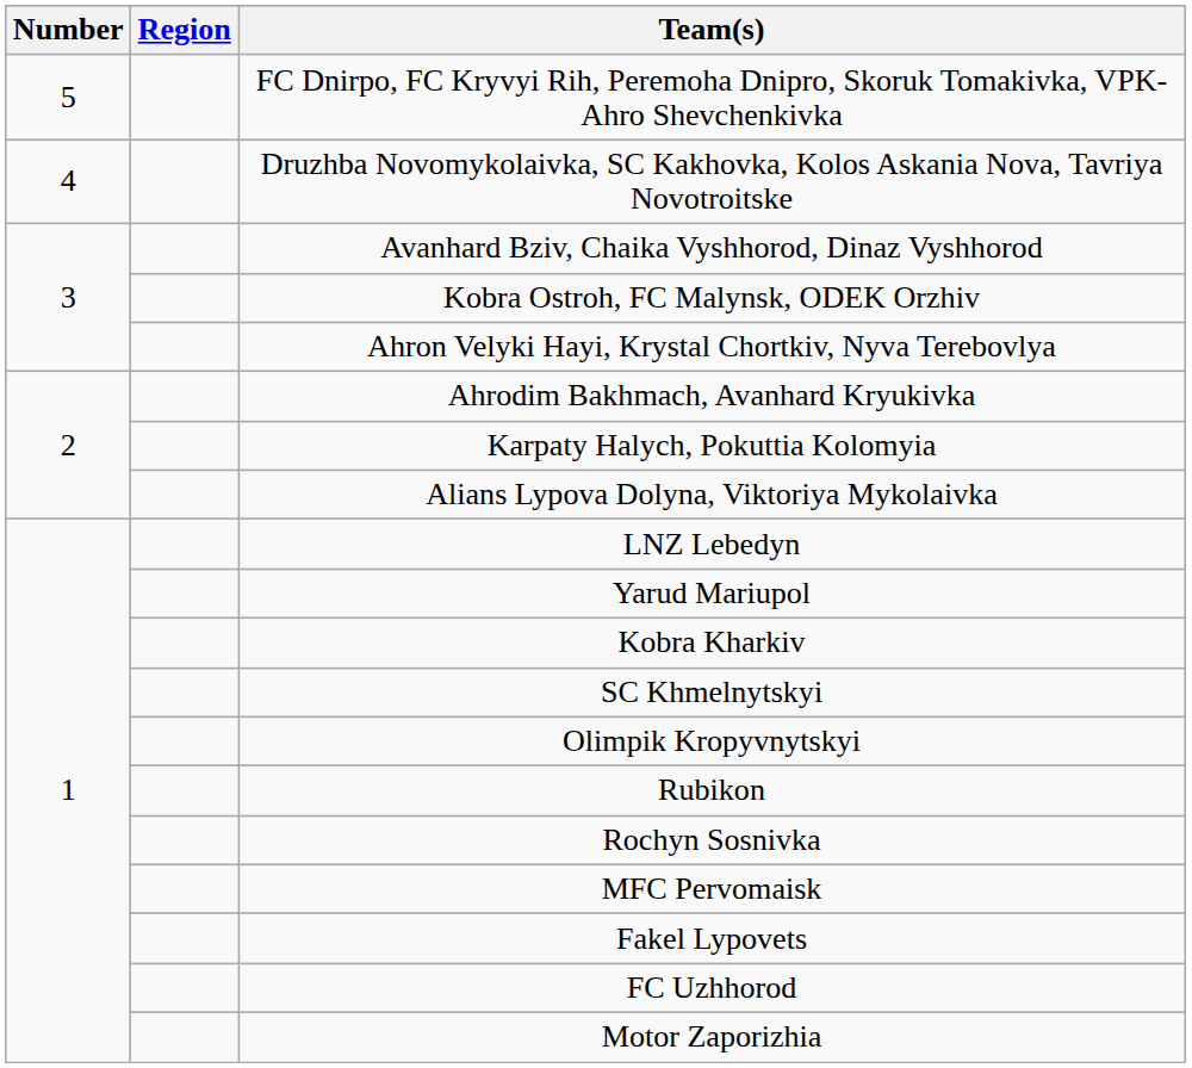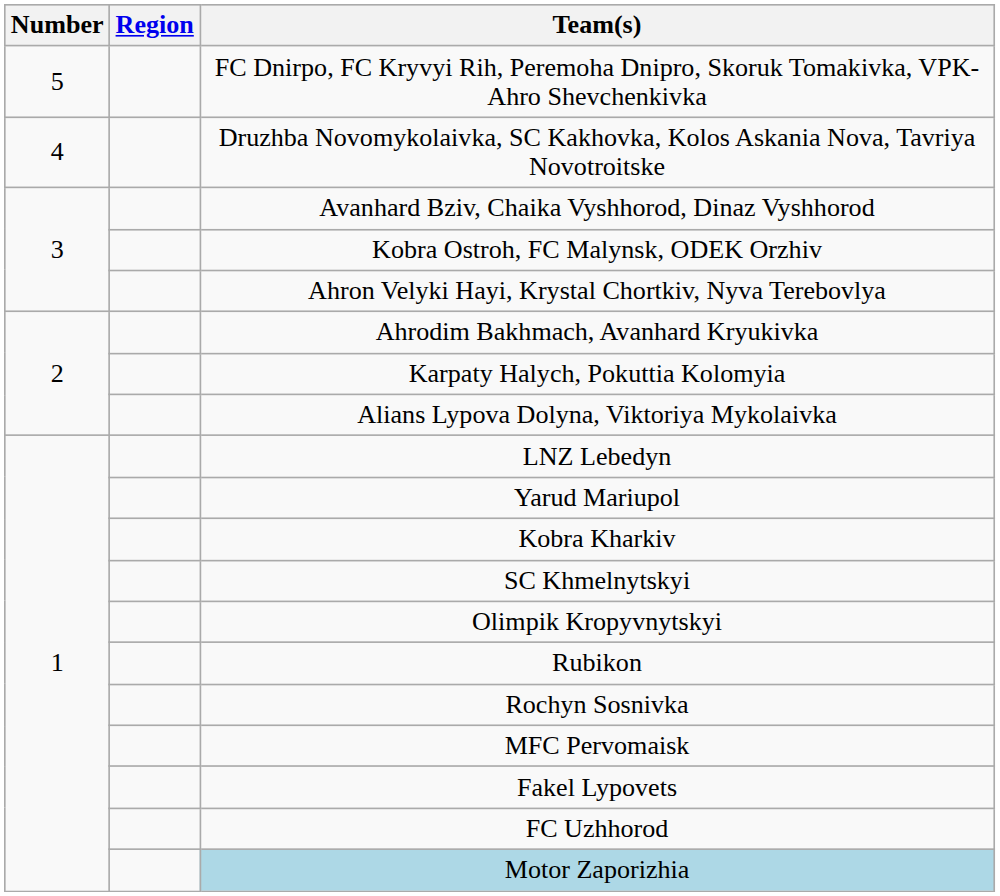 <table class="wikitable" style="text-align:center">
 <tr>
 <th>Number</th>
 <th><a href='#'>Region</a></th>
 <th>Team(s)</th>
 </tr>
 <tr>
 <td rowspan="1">5</td>
 <td align="left"></td>
 <td>FC Dnirpo, FC Kryvyi Rih, Peremoha Dnipro, Skoruk Tomakivka, VPK-Ahro Shevchenkivka</td>
 </tr>
 <tr>
 <td rowspan="1">4</td>
 <td align="left"></td>
 <td>Druzhba Novomykolaivka, SC Kakhovka, Kolos Askania Nova, Tavriya Novotroitske</td>
 </tr>
 <tr>
 <td rowspan="3">3</td>
 <td align="left"></td>
 <td>Avanhard Bziv, Chaika Vyshhorod, Dinaz Vyshhorod</td>
 </tr>
 <tr>
 <td align="left"></td>
 <td>Kobra Ostroh, FC Malynsk, ODEK Orzhiv</td>
 </tr>
 <tr>
 <td align="left"></td>
 <td>Ahron Velyki Hayi, Krystal Chortkiv, Nyva Terebovlya</td>
 </tr>
 <tr>
 <td rowspan="3">2</td>
 <td align="left"></td>
 <td>Ahrodim Bakhmach, Avanhard Kryukivka</td>
 </tr>
 <tr>
 <td align="left"></td>
 <td>Karpaty Halych, Pokuttia Kolomyia</td>
 </tr>
 <tr>
 <td align="left"></td>
 <td>Alians Lypova Dolyna, Viktoriya Mykolaivka</td>
 </tr>
 <tr>
 <td rowspan="13">1</td>
 <td align="left"></td>
 <td>LNZ Lebedyn</td>
 </tr>
 <tr>
 <td align="left"></td>
 <td>Yarud Mariupol</td>
 </tr>
 <tr>
 <td align="left"></td>
 <td>Kobra Kharkiv</td>
 </tr>
 <tr>
 <td align="left"></td>
 <td>SC Khmelnytskyi</td>
 </tr>
 <tr>
 <td align="left"></td>
 <td>Olimpik Kropyvnytskyi</td>
 </tr>
 <tr>
 <td align="left"></td>
 <td>Rubikon</td>
 </tr>
 <tr>
 <td align="left"></td>
 <td>Rochyn Sosnivka</td>
 </tr>
 <tr>
 <td align="left"></td>
 <td>MFC Pervomaisk</td>
 </tr>
 <tr>
 <td align="left"></td>
 <td>Fakel Lypovets</td>
 </tr>
 <tr>
 <td align="left"></td>
 <td>FC Uzhhorod</td>
 </tr>
 <tr>
 <td align="left"></td>
-<td>Motor Zaporizhia</td>
+<td style="background: lightblue;">Motor Zaporizhia</td>
 </tr>
 </table>
